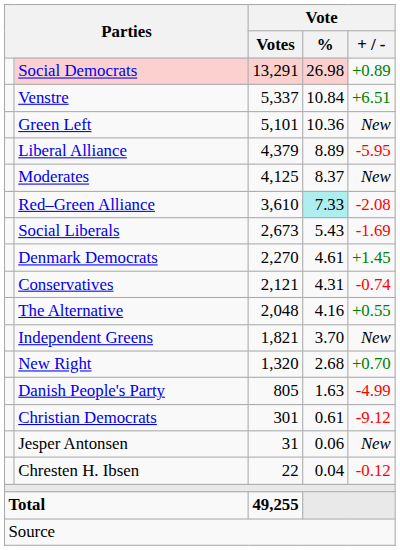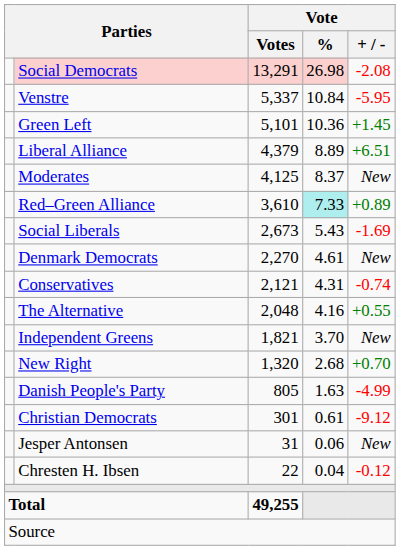 <table class="wikitable" style="text-align:right;">
 <tr>
 <th style="text-align:centre;" rowspan="2" colspan="2" width="225">Parties</th>
 <th colspan="3">Vote</th>
 </tr>
 <tr>
 <th width="15">Votes</th>
 <th width="15">%</th>
 <th width="15">+ / -</th>
 </tr>
 <tr>
 <td width="2" style="color:inherit;background:"></td>
 <td bgcolor=#fbd0ce  align="left"><a href='#'>Social Democrats</a></td>
 <td bgcolor=#fbd0ce>13,291</td>
 <td bgcolor=#fbd0ce>26.98</td>
-<td style=color:green;>+0.89</td>
+<td style=color:red;>-2.08</td>
 </tr>
 <tr>
 <td width="2" style="color:inherit;background:"></td>
 <td align="left"><a href='#'>Venstre</a></td>
 <td>5,337</td>
 <td>10.84</td>
-<td style=color:green;>+6.51</td>
+<td style=color:red;>-5.95</td>
 </tr>
 <tr>
 <td width="2" style="color:inherit;background:"></td>
 <td align="left"><a href='#'>Green Left</a></td>
 <td>5,101</td>
 <td>10.36</td>
-<td><em>New</em></td>
+<td style=color:green;>+1.45</td>
 </tr>
 <tr>
 <td width="2" style="color:inherit;background:"></td>
 <td align="left"><a href='#'>Liberal Alliance</a></td>
 <td>4,379</td>
 <td>8.89</td>
-<td style=color:red;>-5.95</td>
+<td style=color:green;>+6.51</td>
 </tr>
 <tr>
 <td width="2" style="color:inherit;background:"></td>
 <td align="left"><a href='#'>Moderates</a></td>
 <td>4,125</td>
 <td>8.37</td>
 <td><em>New</em></td>
 </tr>
 <tr>
 <td width="2" style="color:inherit;background:"></td>
 <td align="left"><a href='#'>Red–Green Alliance</a></td>
 <td>3,610</td>
 <td style="background: paleturquoise;">7.33</td>
-<td style=color:red;>-2.08</td>
+<td style=color:green;>+0.89</td>
 </tr>
 <tr>
 <td width="2" style="color:inherit;background:"></td>
 <td align="left"><a href='#'>Social Liberals</a></td>
 <td>2,673</td>
 <td>5.43</td>
 <td style=color:red;>-1.69</td>
 </tr>
 <tr>
 <td width="2" style="color:inherit;background:"></td>
 <td align="left"><a href='#'>Denmark Democrats</a></td>
 <td>2,270</td>
 <td>4.61</td>
-<td style=color:green;>+1.45</td>
+<td><em>New</em></td>
 </tr>
 <tr>
 <td width="2" style="color:inherit;background:"></td>
 <td align="left"><a href='#'>Conservatives</a></td>
 <td>2,121</td>
 <td>4.31</td>
 <td style=color:red;>-0.74</td>
 </tr>
 <tr>
 <td width="2" style="color:inherit;background:"></td>
 <td align="left"><a href='#'>The Alternative</a></td>
 <td>2,048</td>
 <td>4.16</td>
 <td style=color:green;>+0.55</td>
 </tr>
 <tr>
 <td width="2" style="color:inherit;background:"></td>
 <td align="left"><a href='#'>Independent Greens</a></td>
 <td>1,821</td>
 <td>3.70</td>
 <td><em>New</em></td>
 </tr>
 <tr>
 <td width="2" style="color:inherit;background:"></td>
 <td align="left"><a href='#'>New Right</a></td>
 <td>1,320</td>
 <td>2.68</td>
 <td style=color:green;>+0.70</td>
 </tr>
 <tr>
 <td width="2" style="color:inherit;background:"></td>
 <td align="left"><a href='#'>Danish People's Party</a></td>
 <td>805</td>
 <td>1.63</td>
 <td style=color:red;>-4.99</td>
 </tr>
 <tr>
 <td width="2" style="color:inherit;background:"></td>
 <td align="left"><a href='#'>Christian Democrats</a></td>
 <td>301</td>
 <td>0.61</td>
 <td style=color:red;>-9.12</td>
 </tr>
 <tr>
 <td width="2" style="color:inherit;background:"></td>
 <td align="left">Jesper Antonsen</td>
 <td>31</td>
 <td>0.06</td>
 <td><em>New</em></td>
 </tr>
 <tr>
 <td width="2" style="color:inherit;background:"></td>
 <td align="left">Chresten H. Ibsen</td>
 <td>22</td>
 <td>0.04</td>
 <td style=color:red;>-0.12</td>
 </tr>
 <tr>
 <td colspan="7" bgcolor="#E9E9E9"></td>
 </tr>
 <tr>
 <td align="left" colspan="2"><strong>Total</strong></td>
 <td><strong>49,255</strong></td>
 <td bgcolor="#E9E9E9" colspan="2"></td>
 </tr>
 <tr>
 <td align="left" colspan="6">Source</td>
 </tr>
 </table>
